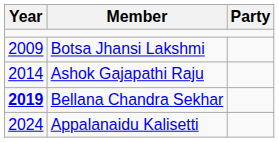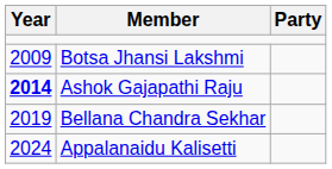 <table class="wikitable sortable">
 <tr>
 <th>Year</th>
 <th>Member</th>
 <th colspan="2">Party</th>
 </tr>
 <tr>
 <td colspan="4"></td>
 </tr>
 <tr>
 <td><a href='#'>2009</a></td>
 <td><a href='#'>Botsa Jhansi Lakshmi</a></td>
 <td></td>
 </tr>
 <tr>
-<td><a href='#'>2014</a></td>
+<td><strong><a href='#'>2014</a></strong></td>
 <td><a href='#'>Ashok Gajapathi Raju</a></td>
 <td></td>
 </tr>
 <tr>
-<td><strong><a href='#'>2019</a></strong></td>
+<td><a href='#'>2019</a></td>
 <td><a href='#'>Bellana Chandra Sekhar</a></td>
 <td></td>
 </tr>
 <tr>
 <td><a href='#'>2024</a></td>
 <td><a href='#'>Appalanaidu Kalisetti</a></td>
 <td></td>
 </tr>
 </table>
